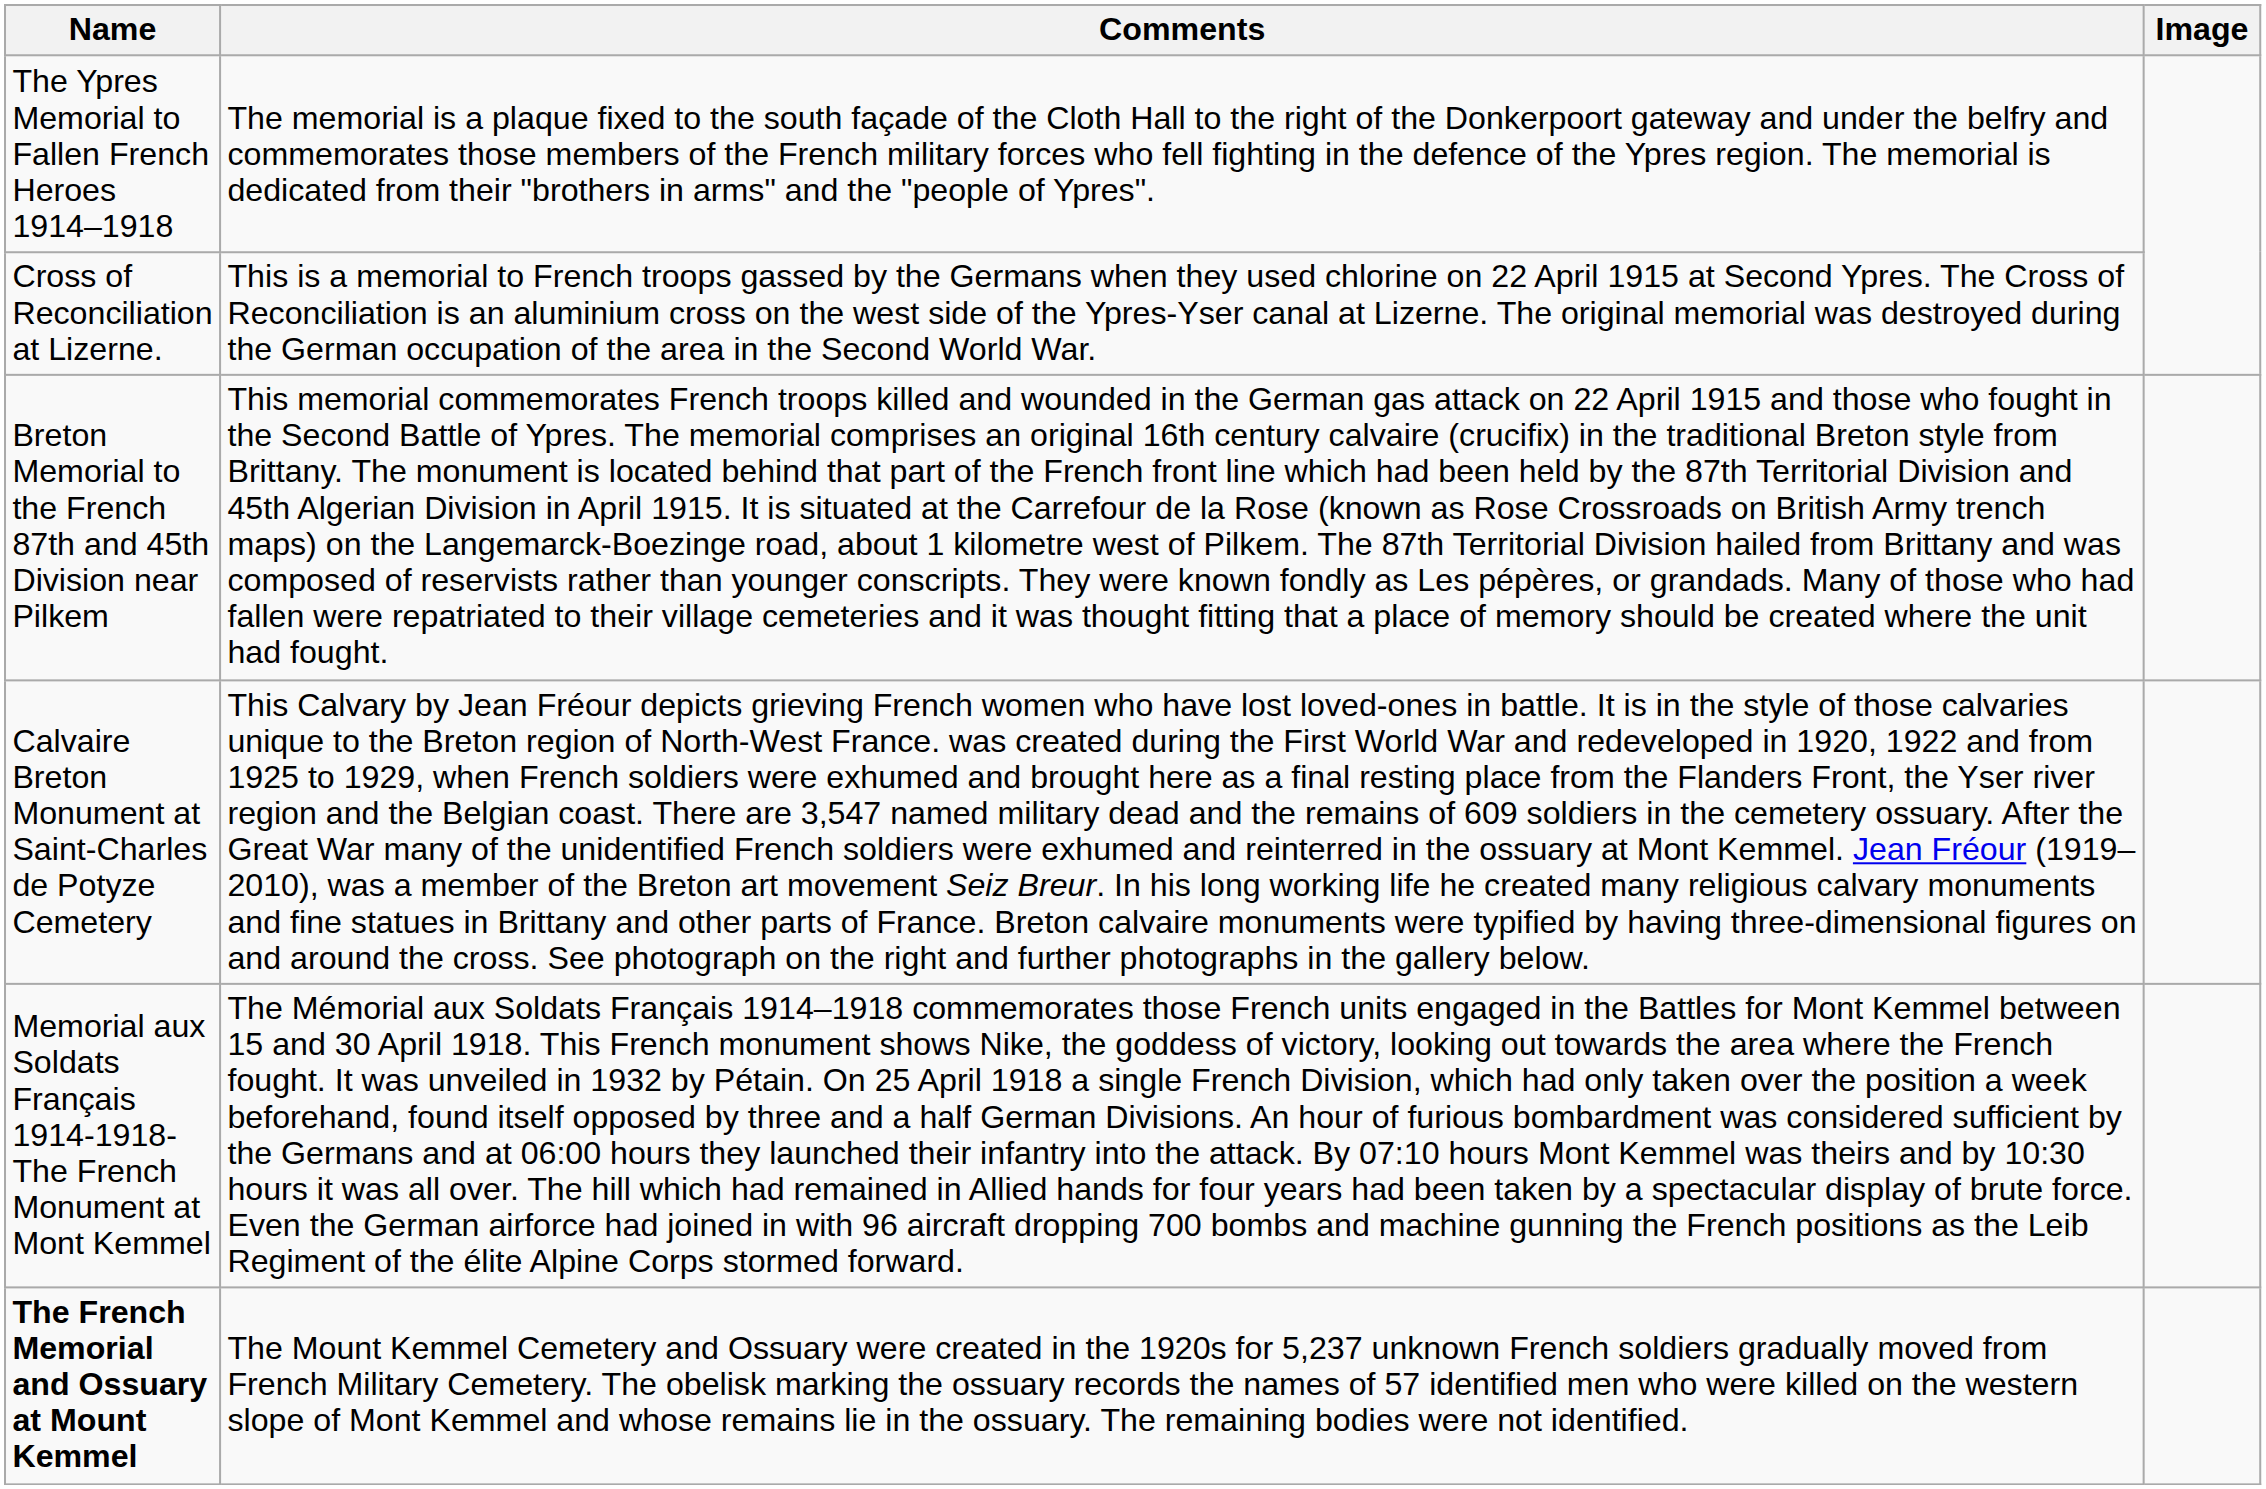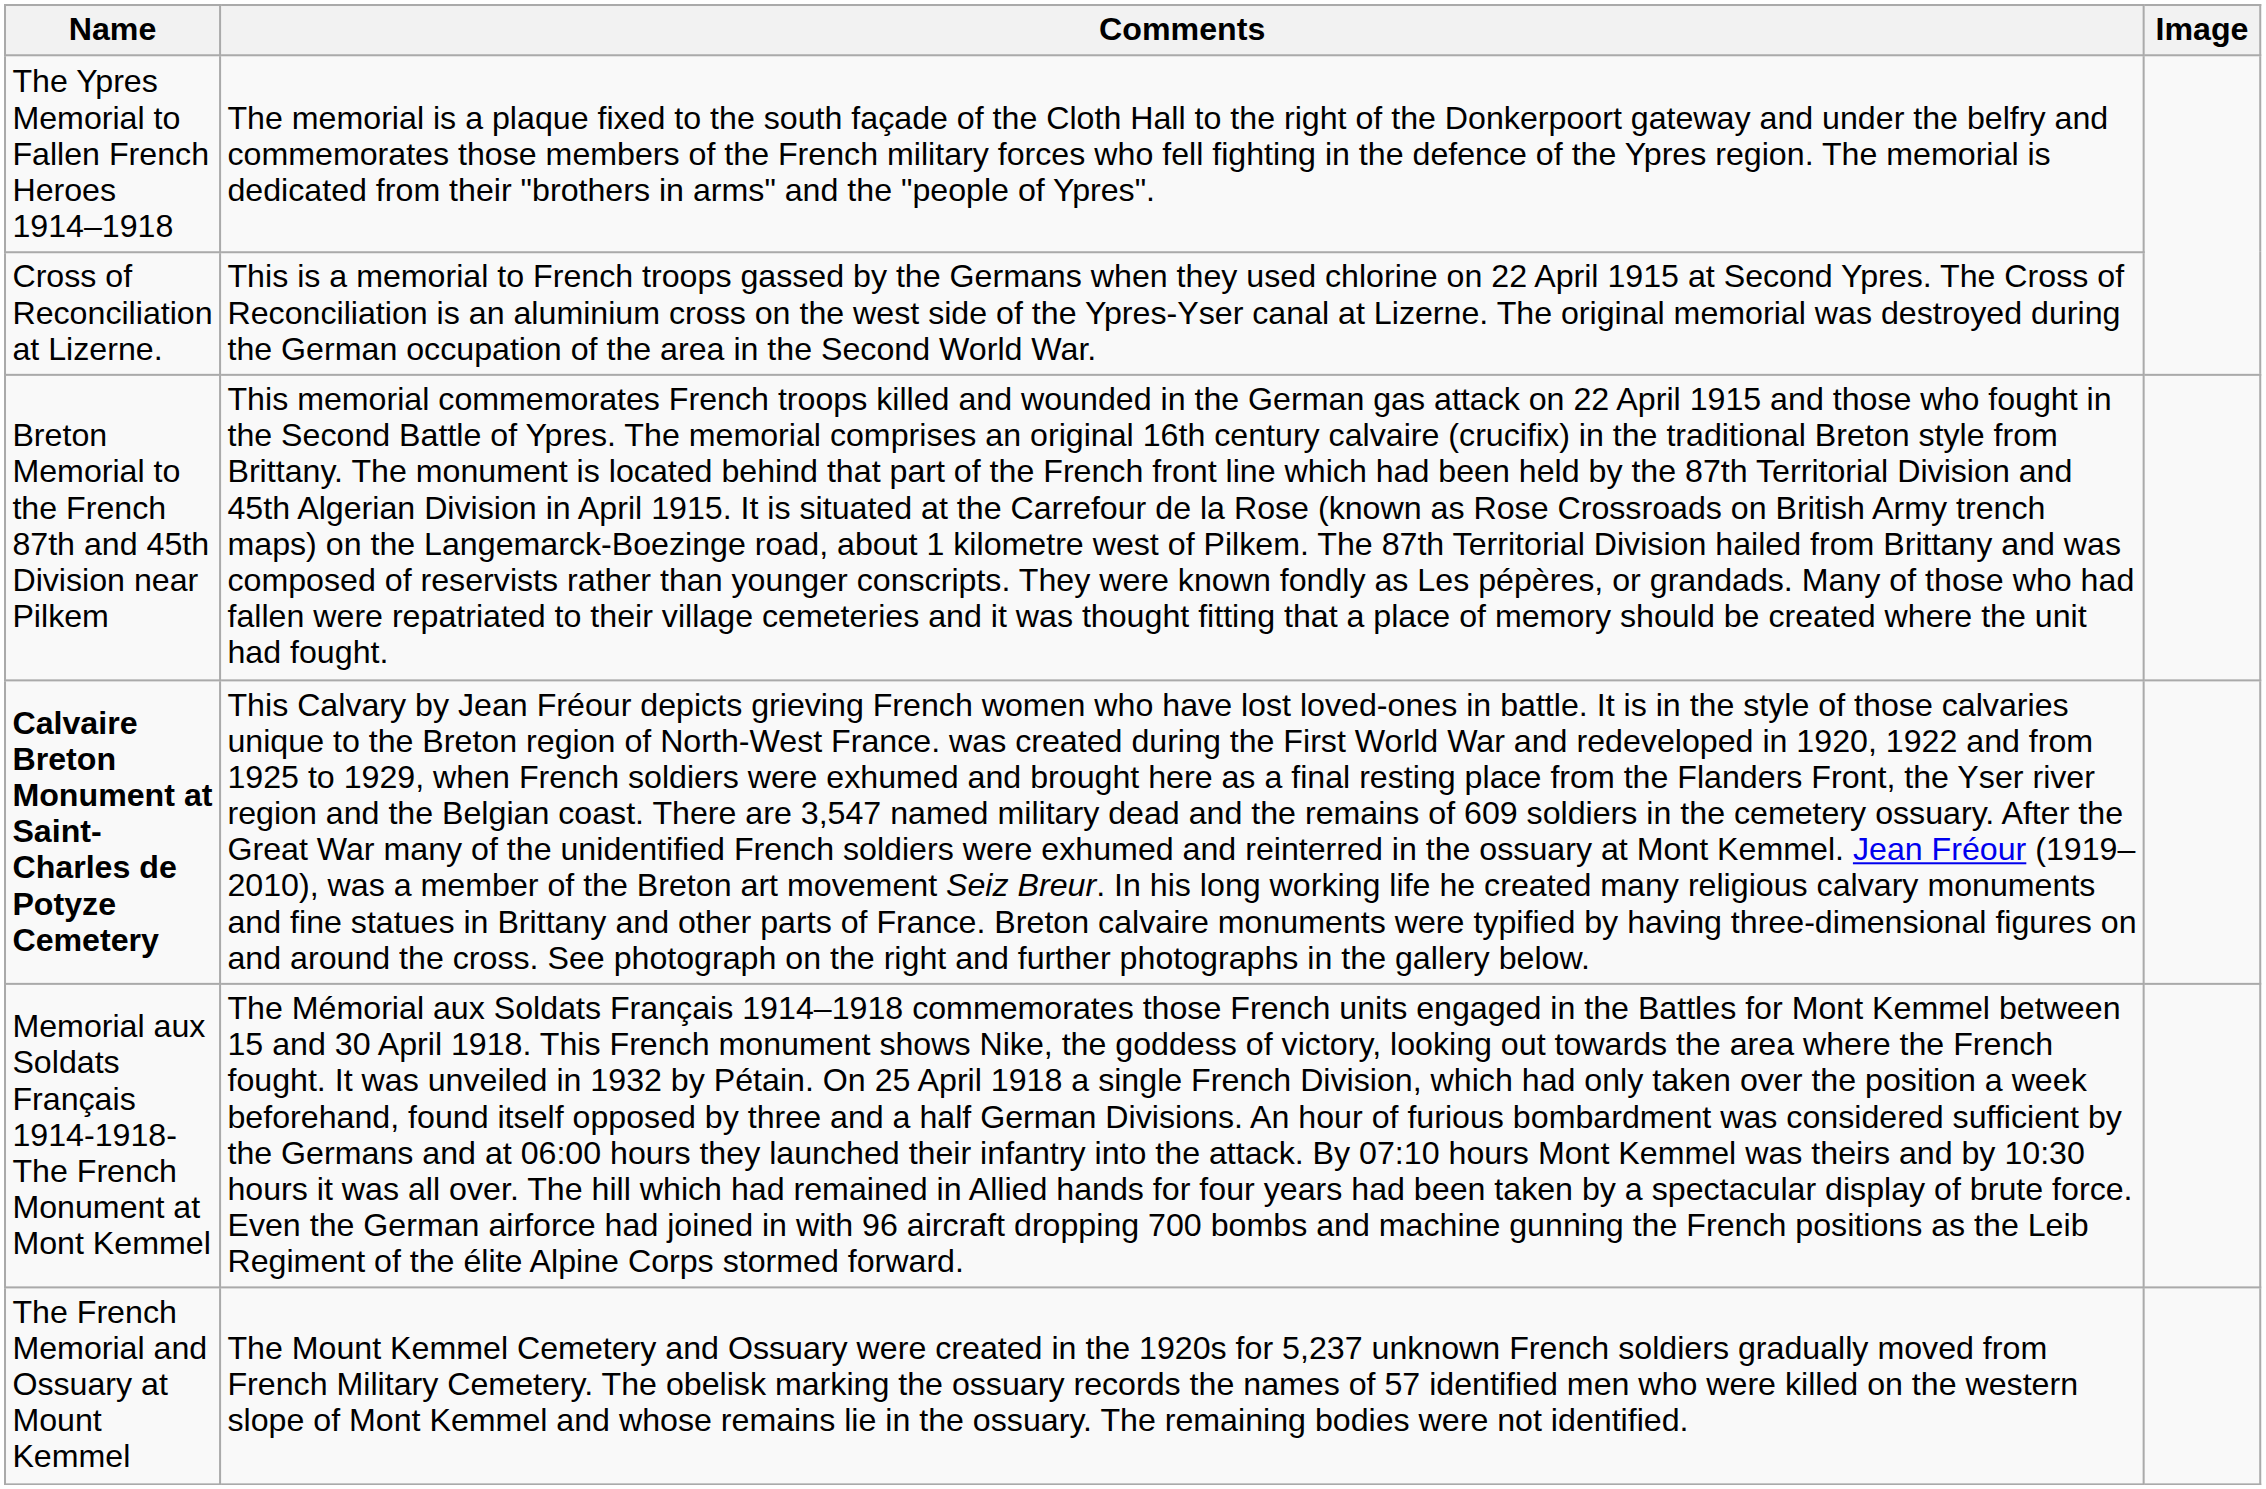 <table class="wikitable sortable">
 <tr>
 <th scope="col" style="width:50px;">Name</th>
 <th scope="col" style="width:950px;">Comments</th>
 <th scope="col" style="width:50px;">Image</th>
 </tr>
 <tr>
 <td>The Ypres Memorial to Fallen French Heroes 1914–1918</td>
 <td>The memorial is a plaque fixed to the south façade of the Cloth Hall to the right of the Donkerpoort gateway and under the belfry and commemorates those members of the French military forces who fell fighting in the defence of the Ypres region. The memorial is dedicated from their "brothers in arms" and the "people of Ypres".</td>
 </tr>
 <tr>
 <td>Cross of Reconciliation at Lizerne.</td>
 <td>This is a memorial to French troops gassed by the Germans when they used chlorine on 22 April 1915 at Second Ypres. The Cross of Reconciliation is an aluminium cross on the west side of the Ypres-Yser canal at Lizerne. The original memorial was destroyed during the German occupation of the area in the Second World War.</td>
 </tr>
 <tr>
 <td>Breton Memorial to the French 87th and 45th Division near Pilkem</td>
 <td>This memorial commemorates French troops killed and wounded in the German gas attack on 22 April 1915 and those who fought in the Second Battle of Ypres. The memorial comprises an original 16th century calvaire (crucifix) in the traditional Breton style from Brittany. The monument is located behind that part of the French front line which had been held by the 87th Territorial Division and 45th Algerian Division in April 1915. It is situated at the Carrefour de la Rose (known as Rose Crossroads on British Army trench maps) on the Langemarck-Boezinge road, about 1 kilometre west of Pilkem. The 87th Territorial Division hailed from Brittany and was composed of reservists rather than younger conscripts. They were known fondly as Les pépères, or grandads. Many of those who had fallen were repatriated to their village cemeteries and it was thought fitting that a place of memory should be created where the unit had fought.<br></td>
 <td></td>
 </tr>
 <tr>
-<td>Calvaire Breton Monument at Saint-Charles de Potyze Cemetery</td>
+<td><strong>Calvaire Breton Monument at Saint-Charles de Potyze Cemetery</strong></td>
 <td>This Calvary by Jean Fréour depicts grieving French women who have lost loved-ones in battle. It is in the style of those calvaries unique to the Breton region of North-West France.  was created during the First World War and redeveloped in 1920, 1922 and from 1925 to 1929, when French soldiers were exhumed and brought here as a final resting place from the Flanders Front, the Yser river region and the Belgian coast. There are 3,547 named military dead and the remains of 609 soldiers in the cemetery ossuary. After the Great War many of the unidentified French soldiers were exhumed and reinterred in the ossuary at Mont Kemmel. <a href='#'>Jean Fréour</a> (1919–2010), was a member of the Breton art movement <em>Seiz Breur</em>. In his long working life he created many religious calvary monuments and fine statues in Brittany and other parts of France. Breton calvaire monuments were typified by having three-dimensional figures on and around the cross. See photograph on the right and further photographs in the gallery below.</td>
 <td></td>
 </tr>
 <tr>
 <td>Memorial aux Soldats Français 1914-1918-The French Monument at Mont Kemmel</td>
 <td>The Mémorial aux Soldats Français 1914–1918 commemorates those French units engaged in the Battles for Mont Kemmel between 15 and 30 April 1918. This  French monument shows Nike, the goddess of victory, looking out towards the area where the French fought. It was unveiled in 1932 by Pétain. On 25 April 1918 a single French Division, which had only taken over the position a week beforehand, found itself opposed by three and a half German Divisions. An hour of furious bombardment was considered sufficient by the Germans and at 06:00 hours they launched their infantry into the attack. By 07:10 hours Mont Kemmel was theirs and by 10:30 hours it was all over. The hill which had remained in Allied hands for four years had been taken by a spectacular display of brute force. Even the German airforce had joined in with 96 aircraft dropping 700 bombs and machine gunning the French positions as the Leib Regiment of the élite Alpine Corps stormed forward.</td>
 <td><br></td>
 </tr>
 <tr>
-<td><strong>The French Memorial and Ossuary at Mount Kemmel</strong></td>
+<td>The French Memorial and Ossuary at Mount Kemmel</td>
 <td>The Mount Kemmel Cemetery and Ossuary were created in the 1920s for 5,237 unknown French soldiers gradually moved from  French Military Cemetery. The obelisk marking the ossuary records the names of 57 identified men who were killed on the western slope of Mont Kemmel and whose remains lie in the ossuary. The remaining bodies were not identified.</td>
 <td></td>
 </tr>
 </table>
